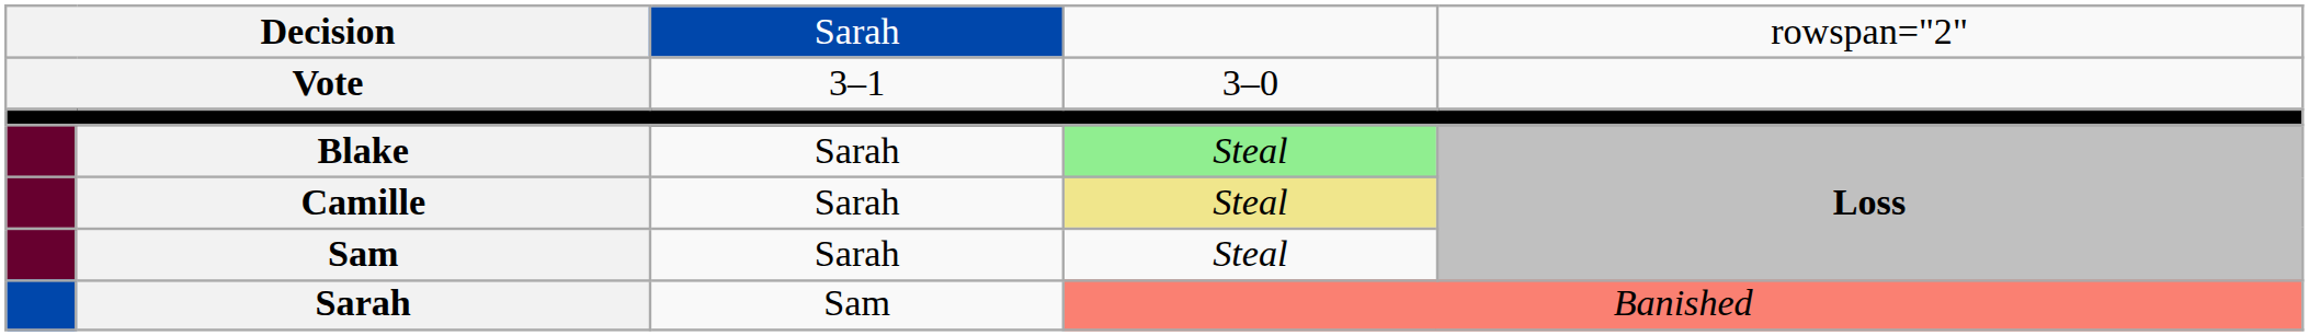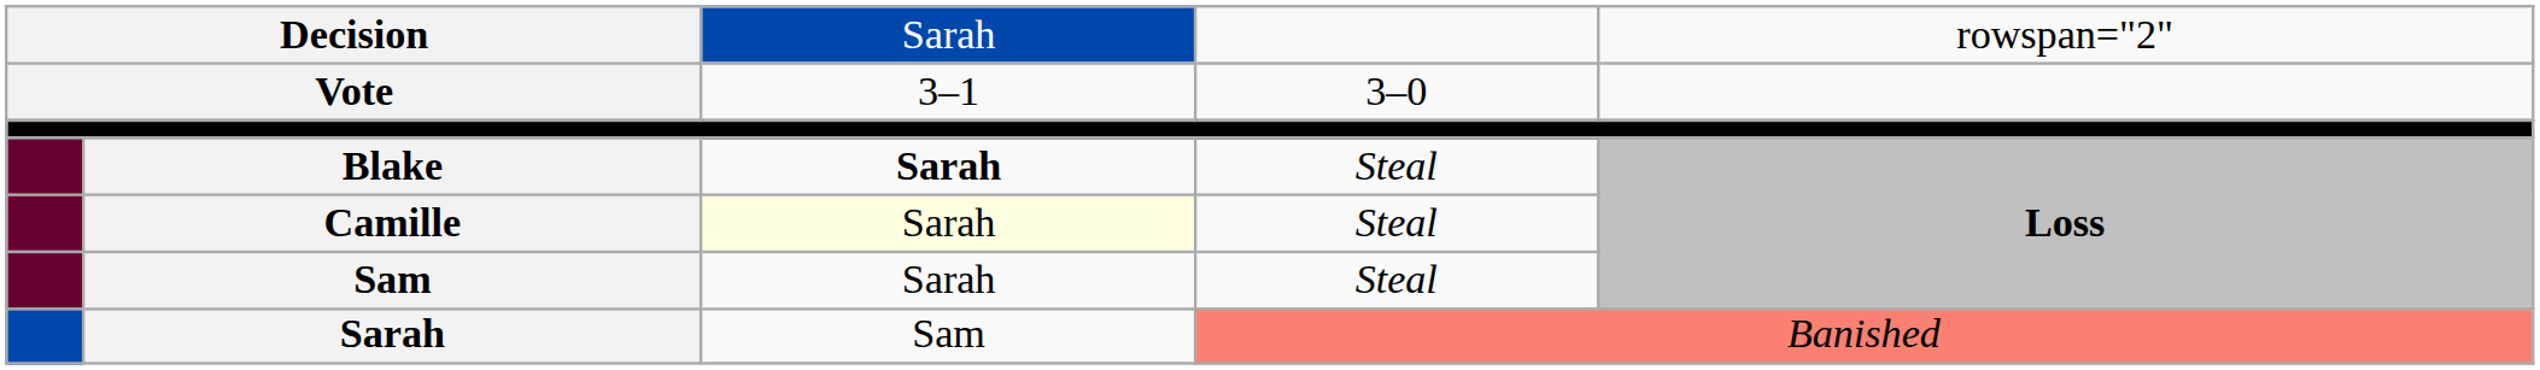 <table class="wikitable" style="text-align:center; width:70%; font-size:90%; line-height:13px">
 <tr>
 <th colspan="2">Decision</th>
 <td bgcolor="#0047AB" align="center" span style="color:#FFFFFF;">Sarah</td>
 <td></td>
 <td>rowspan="2" </td>
 </tr>
 <tr>
 <th colspan="2">Vote</th>
 <td>3–1</td>
 <td>3–0</td>
 </tr>
 <tr>
 <td colspan="18" bgcolor="#000000"></td>
 </tr>
 <tr>
 <td bgcolor="#67002F"></td>
 <th>Blake</th>
-<td align="center">Sarah</td>
-<td align="center" style="background: lightgreen;"><em>Steal</em></td>
+<td align="center"><strong>Sarah</strong></td>
+<td align="center"><em>Steal</em></td>
 <td rowspan="3" align="center" style="background:silver;"><strong>Loss</strong></td>
 </tr>
 <tr>
 <td bgcolor="#67002F"></td>
 <th>Camille</th>
-<td align="center">Sarah</td>
-<td align="center" style="background: khaki;"><em>Steal</em></td>
+<td align="center" style="background: lightyellow;">Sarah</td>
+<td align="center"><em>Steal</em></td>
 </tr>
 <tr>
 <td bgcolor="#67002F"></td>
 <th>Sam</th>
 <td align="center">Sarah</td>
 <td align="center"><em>Steal</em></td>
 </tr>
 <tr>
 <td bgcolor="#0047AB"></td>
 <th>Sarah</th>
 <td align="center">Sam</td>
 <td colspan="2" align="center" style="background:salmon"><em>Banished</em></td>
 </tr>
 </table>
